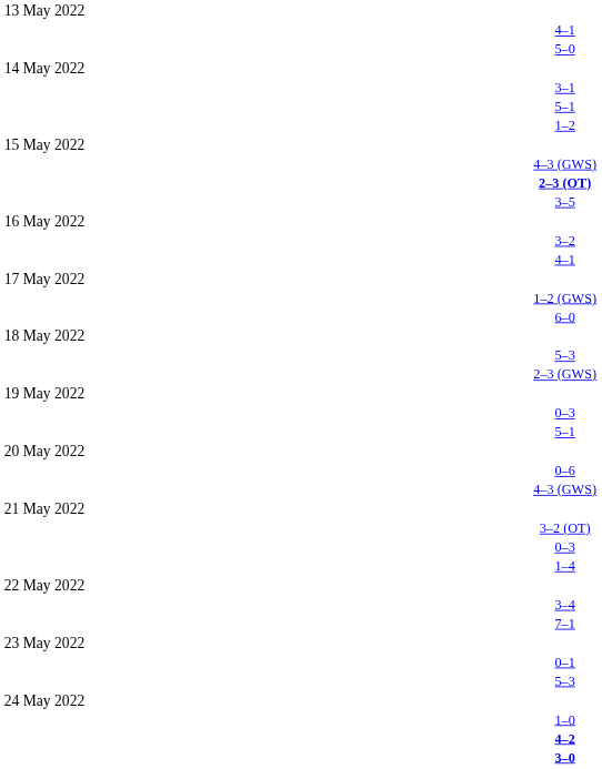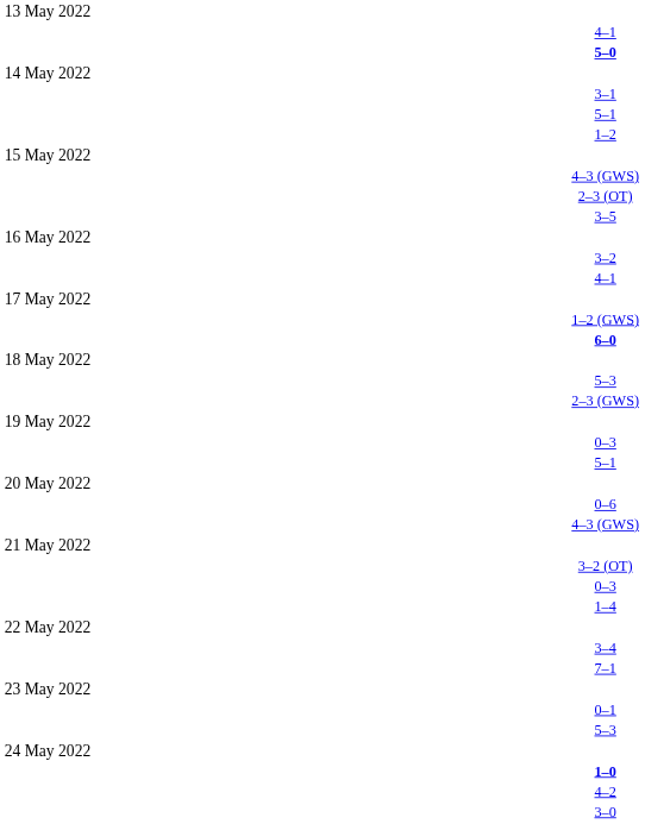 <table style="width:100%;" cellspacing="1">
 <tr>
 <th width=25%></th>
 <th width=2%></th>
 <th width=6%></th>
 <th width=2%></th>
 <th width=25%></th>
 </tr>
 <tr>
 <td>13 May 2022</td>
 </tr>
 <tr style=font-size:90%>
 <td align=right></td>
 <td></td>
 <td align=center><a href='#'>4–1</a></td>
 <td></td>
 <td></td>
 <td></td>
 </tr>
 <tr style=font-size:90%>
 <td align=right></td>
 <td></td>
-<td align=center><a href='#'>5–0</a></td>
+<td align=center><strong><a href='#'>5–0</a></strong></td>
 <td></td>
 <td></td>
 <td></td>
 </tr>
 <tr>
 <td>14 May 2022</td>
 </tr>
 <tr style=font-size:90%>
 <td align=right></td>
 <td></td>
 <td align=center><a href='#'>3–1</a></td>
 <td></td>
 <td></td>
 <td></td>
 </tr>
 <tr style=font-size:90%>
 <td align=right></td>
 <td></td>
 <td align=center><a href='#'>5–1</a></td>
 <td></td>
 <td></td>
 <td></td>
 </tr>
 <tr style=font-size:90%>
 <td align=right></td>
 <td></td>
 <td align=center><a href='#'>1–2</a></td>
 <td></td>
 <td></td>
 <td></td>
 </tr>
 <tr>
 <td>15 May 2022</td>
 </tr>
 <tr style=font-size:90%>
 <td align=right></td>
 <td></td>
 <td align=center><a href='#'>4–3 (GWS)</a></td>
 <td></td>
 <td></td>
 <td></td>
 </tr>
 <tr style=font-size:90%>
 <td align=right></td>
 <td></td>
-<td align=center><strong><a href='#'>2–3 (OT)</a></strong></td>
+<td align=center><a href='#'>2–3 (OT)</a></td>
 <td></td>
 <td></td>
 <td></td>
 </tr>
 <tr style=font-size:90%>
 <td align=right></td>
 <td></td>
 <td align=center><a href='#'>3–5</a></td>
 <td></td>
 <td></td>
 <td></td>
 </tr>
 <tr>
 <td>16 May 2022</td>
 </tr>
 <tr style=font-size:90%>
 <td align=right></td>
 <td></td>
 <td align=center><a href='#'>3–2</a></td>
 <td></td>
 <td></td>
 <td></td>
 </tr>
 <tr style=font-size:90%>
 <td align=right></td>
 <td></td>
 <td align=center><a href='#'>4–1</a></td>
 <td></td>
 <td></td>
 <td></td>
 </tr>
 <tr>
 <td>17 May 2022</td>
 </tr>
 <tr style=font-size:90%>
 <td align=right></td>
 <td></td>
 <td align=center><a href='#'>1–2 (GWS)</a></td>
 <td></td>
 <td></td>
 <td></td>
 </tr>
 <tr style=font-size:90%>
 <td align=right></td>
 <td></td>
-<td align=center><a href='#'>6–0</a></td>
+<td align=center><strong><a href='#'>6–0</a></strong></td>
 <td></td>
 <td></td>
 <td></td>
 </tr>
 <tr>
 <td>18 May 2022</td>
 </tr>
 <tr style=font-size:90%>
 <td align=right></td>
 <td></td>
 <td align=center><a href='#'>5–3</a></td>
 <td></td>
 <td></td>
 <td></td>
 </tr>
 <tr style=font-size:90%>
 <td align=right></td>
 <td></td>
 <td align=center><a href='#'>2–3 (GWS)</a></td>
 <td></td>
 <td></td>
 <td></td>
 </tr>
 <tr>
 <td>19 May 2022</td>
 </tr>
 <tr style=font-size:90%>
 <td align=right></td>
 <td></td>
 <td align=center><a href='#'>0–3</a></td>
 <td></td>
 <td></td>
 <td></td>
 </tr>
 <tr style=font-size:90%>
 <td align=right></td>
 <td></td>
 <td align=center><a href='#'>5–1</a></td>
 <td></td>
 <td></td>
 <td></td>
 </tr>
 <tr>
 <td>20 May 2022</td>
 </tr>
 <tr style=font-size:90%>
 <td align=right></td>
 <td></td>
 <td align=center><a href='#'>0–6</a></td>
 <td></td>
 <td></td>
 <td></td>
 </tr>
 <tr style=font-size:90%>
 <td align=right></td>
 <td></td>
 <td align=center><a href='#'>4–3 (GWS)</a></td>
 <td></td>
 <td></td>
 <td></td>
 </tr>
 <tr>
 <td>21 May 2022</td>
 </tr>
 <tr style=font-size:90%>
 <td align=right></td>
 <td></td>
 <td align=center><a href='#'>3–2 (OT)</a></td>
 <td></td>
 <td></td>
 <td></td>
 </tr>
 <tr style=font-size:90%>
 <td align=right></td>
 <td></td>
 <td align=center><a href='#'>0–3</a></td>
 <td></td>
 <td></td>
 <td></td>
 </tr>
 <tr style=font-size:90%>
 <td align=right></td>
 <td></td>
 <td align=center><a href='#'>1–4</a></td>
 <td></td>
 <td></td>
 <td></td>
 </tr>
 <tr>
 <td>22 May 2022</td>
 </tr>
 <tr style=font-size:90%>
 <td align=right></td>
 <td></td>
 <td align=center><a href='#'>3–4</a></td>
 <td></td>
 <td></td>
 <td></td>
 </tr>
 <tr style=font-size:90%>
 <td align=right></td>
 <td></td>
 <td align=center><a href='#'>7–1</a></td>
 <td></td>
 <td></td>
 <td></td>
 </tr>
 <tr>
 <td>23 May 2022</td>
 </tr>
 <tr style=font-size:90%>
 <td align=right></td>
 <td></td>
 <td align=center><a href='#'>0–1</a></td>
 <td></td>
 <td></td>
 <td></td>
 </tr>
 <tr style=font-size:90%>
 <td align=right></td>
 <td></td>
 <td align=center><a href='#'>5–3</a></td>
 <td></td>
 <td></td>
 <td></td>
 </tr>
 <tr>
 <td>24 May 2022</td>
 </tr>
 <tr style=font-size:90%>
 <td align=right></td>
 <td></td>
-<td align=center><a href='#'>1–0</a></td>
+<td align=center><strong><a href='#'>1–0</a></strong></td>
 <td></td>
 <td></td>
 <td></td>
 </tr>
 <tr style=font-size:90%>
 <td align=right></td>
 <td></td>
-<td align=center><strong><a href='#'>4–2</a></strong></td>
+<td align=center><a href='#'>4–2</a></td>
 <td></td>
 <td></td>
 <td></td>
 </tr>
 <tr style=font-size:90%>
 <td align=right></td>
 <td></td>
-<td align=center><strong><a href='#'>3–0</a></strong></td>
+<td align=center><a href='#'>3–0</a></td>
 <td></td>
 <td></td>
 <td></td>
 </tr>
 </table>
